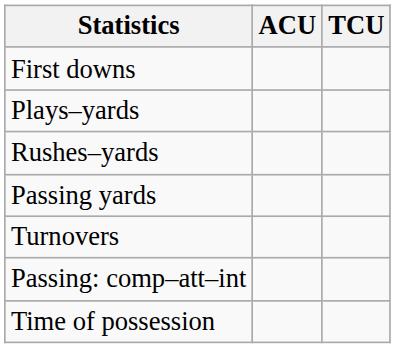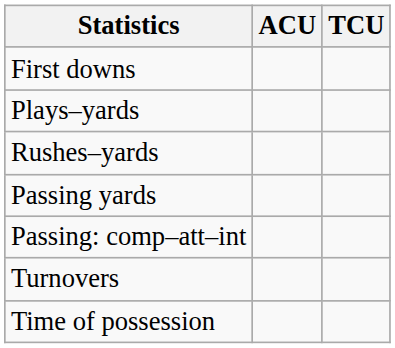 <table class="wikitable" style="float:left">
 <tr>
 <th>Statistics</th>
 <th>ACU</th>
 <th>TCU</th>
 </tr>
 <tr>
 <td>First downs</td>
 <td></td>
 <td></td>
 </tr>
 <tr>
 <td>Plays–yards</td>
 <td></td>
 <td></td>
 </tr>
 <tr>
 <td>Rushes–yards</td>
 <td></td>
 <td></td>
 </tr>
 <tr>
 <td>Passing yards</td>
 <td></td>
 <td></td>
 </tr>
 <tr>
-<td>Turnovers</td>
+<td>Passing: comp–att–int</td>
 <td></td>
 <td></td>
 </tr>
 <tr>
-<td>Passing: comp–att–int</td>
+<td>Turnovers</td>
 <td></td>
 <td></td>
 </tr>
 <tr>
 <td>Time of possession</td>
 <td></td>
 <td></td>
 </tr>
 </table>
